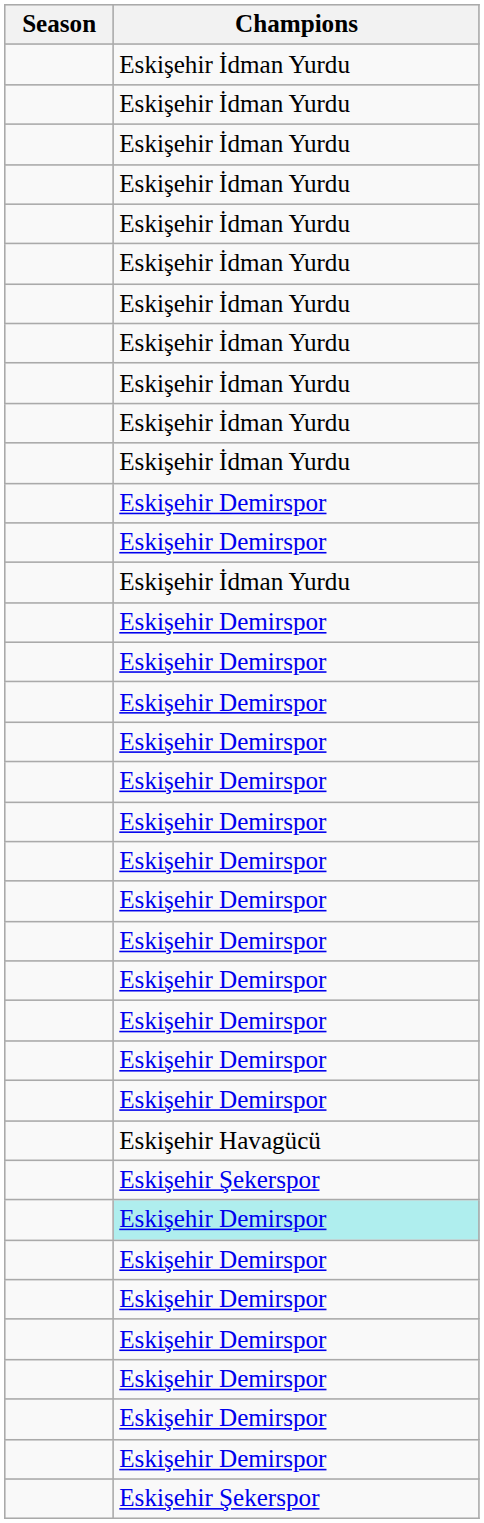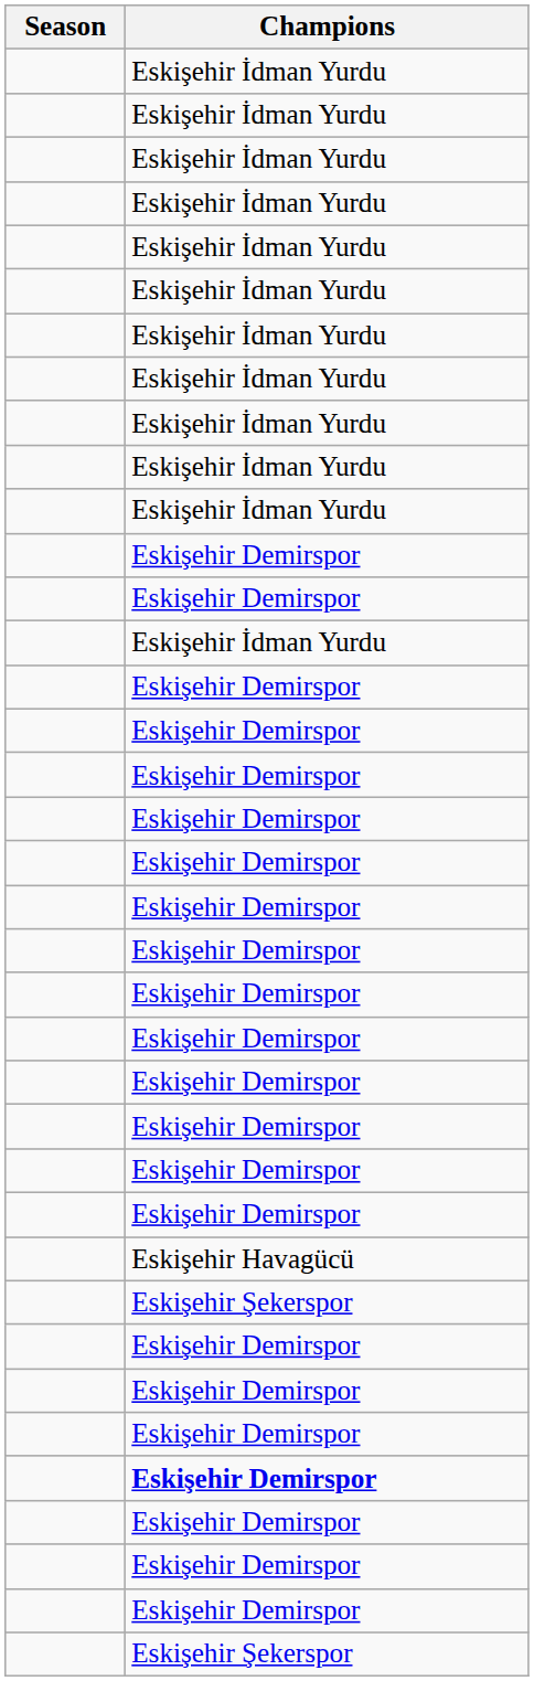 <table class="wikitable" border="1" width=24%>
 <tr>
 <th width=1%>Season</th>
 <th width=10%>Champions</th>
 </tr>
 <tr>
 <td></td>
 <td>Eskişehir İdman Yurdu</td>
 </tr>
 <tr>
 <td></td>
 <td>Eskişehir İdman Yurdu</td>
 </tr>
 <tr>
 <td></td>
 <td>Eskişehir İdman Yurdu</td>
 </tr>
 <tr>
 <td></td>
 <td>Eskişehir İdman Yurdu</td>
 </tr>
 <tr>
 <td></td>
 <td>Eskişehir İdman Yurdu</td>
 </tr>
 <tr>
 <td></td>
 <td>Eskişehir İdman Yurdu</td>
 </tr>
 <tr>
 <td></td>
 <td>Eskişehir İdman Yurdu</td>
 </tr>
 <tr>
 <td></td>
 <td>Eskişehir İdman Yurdu</td>
 </tr>
 <tr>
 <td></td>
 <td>Eskişehir İdman Yurdu</td>
 </tr>
 <tr>
 <td></td>
 <td>Eskişehir İdman Yurdu</td>
 </tr>
 <tr>
 <td></td>
 <td>Eskişehir İdman Yurdu</td>
 </tr>
 <tr>
 <td></td>
 <td><a href='#'>Eskişehir Demirspor</a></td>
 </tr>
 <tr>
 <td></td>
 <td><a href='#'>Eskişehir Demirspor</a></td>
 </tr>
 <tr>
 <td></td>
 <td>Eskişehir İdman Yurdu</td>
 </tr>
 <tr>
 <td></td>
 <td><a href='#'>Eskişehir Demirspor</a></td>
 </tr>
 <tr>
 <td></td>
 <td><a href='#'>Eskişehir Demirspor</a></td>
 </tr>
 <tr>
 <td></td>
 <td><a href='#'>Eskişehir Demirspor</a></td>
 </tr>
 <tr>
 <td></td>
 <td><a href='#'>Eskişehir Demirspor</a></td>
 </tr>
 <tr>
 <td></td>
 <td><a href='#'>Eskişehir Demirspor</a></td>
 </tr>
 <tr>
 <td></td>
 <td><a href='#'>Eskişehir Demirspor</a></td>
 </tr>
 <tr>
 <td></td>
 <td><a href='#'>Eskişehir Demirspor</a></td>
 </tr>
 <tr>
 <td></td>
 <td><a href='#'>Eskişehir Demirspor</a></td>
 </tr>
 <tr>
 <td></td>
 <td><a href='#'>Eskişehir Demirspor</a></td>
 </tr>
 <tr>
 <td></td>
 <td><a href='#'>Eskişehir Demirspor</a></td>
 </tr>
 <tr>
 <td></td>
 <td><a href='#'>Eskişehir Demirspor</a></td>
 </tr>
 <tr>
 <td></td>
 <td><a href='#'>Eskişehir Demirspor</a></td>
 </tr>
 <tr>
 <td></td>
 <td><a href='#'>Eskişehir Demirspor</a></td>
 </tr>
 <tr>
 <td></td>
 <td>Eskişehir Havagücü</td>
 </tr>
 <tr>
 <td></td>
 <td><a href='#'>Eskişehir Şekerspor</a></td>
 </tr>
 <tr>
 <td></td>
-<td style="background: paleturquoise;"><a href='#'>Eskişehir Demirspor</a></td>
+<td><a href='#'>Eskişehir Demirspor</a></td>
 </tr>
 <tr>
 <td></td>
 <td><a href='#'>Eskişehir Demirspor</a></td>
 </tr>
 <tr>
 <td></td>
 <td><a href='#'>Eskişehir Demirspor</a></td>
 </tr>
 <tr>
 <td></td>
-<td><a href='#'>Eskişehir Demirspor</a></td>
+<td><strong><a href='#'>Eskişehir Demirspor</a></strong></td>
 </tr>
 <tr>
 <td></td>
 <td><a href='#'>Eskişehir Demirspor</a></td>
 </tr>
 <tr>
 <td></td>
 <td><a href='#'>Eskişehir Demirspor</a></td>
 </tr>
 <tr>
 <td></td>
 <td><a href='#'>Eskişehir Demirspor</a></td>
 </tr>
 <tr>
 <td></td>
 <td><a href='#'>Eskişehir Şekerspor</a></td>
 </tr>
 </table>
